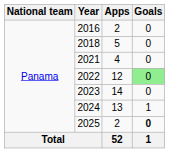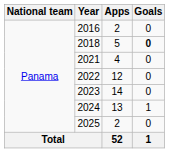 <table class="wikitable" style="text-align:center">
 <tr>
 <th>National team</th>
 <th>Year</th>
 <th>Apps</th>
 <th>Goals</th>
 </tr>
 <tr>
 <td rowspan="7"><a href='#'>Panama</a></td>
 <td>2016</td>
 <td>2</td>
 <td>0</td>
 </tr>
 <tr>
 <td>2018</td>
 <td>5</td>
-<td>0</td>
+<td><strong>0</strong></td>
 </tr>
 <tr>
 <td>2021</td>
 <td>4</td>
 <td>0</td>
 </tr>
 <tr>
 <td>2022</td>
 <td>12</td>
-<td style="background: lightgreen;">0</td>
+<td>0</td>
 </tr>
 <tr>
 <td>2023</td>
 <td>14</td>
 <td>0</td>
 </tr>
 <tr>
 <td>2024</td>
 <td>13</td>
 <td>1</td>
 </tr>
 <tr>
 <td>2025</td>
 <td>2</td>
-<td><strong>0</strong></td>
+<td>0</td>
 </tr>
 <tr>
 <th colspan="2">Total</th>
 <th>52</th>
 <th>1</th>
 </tr>
 </table>
